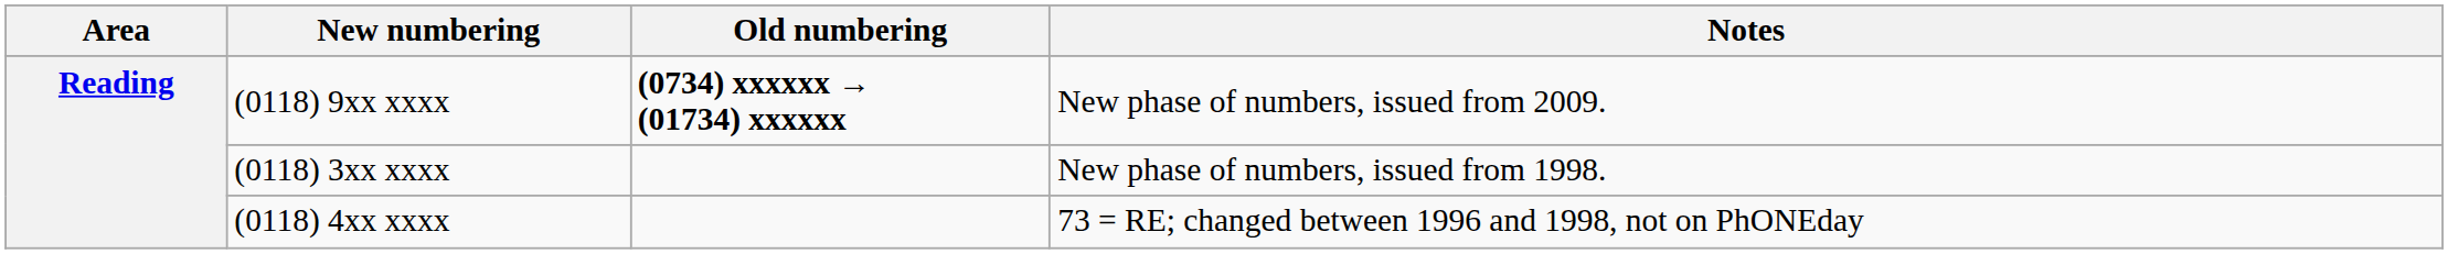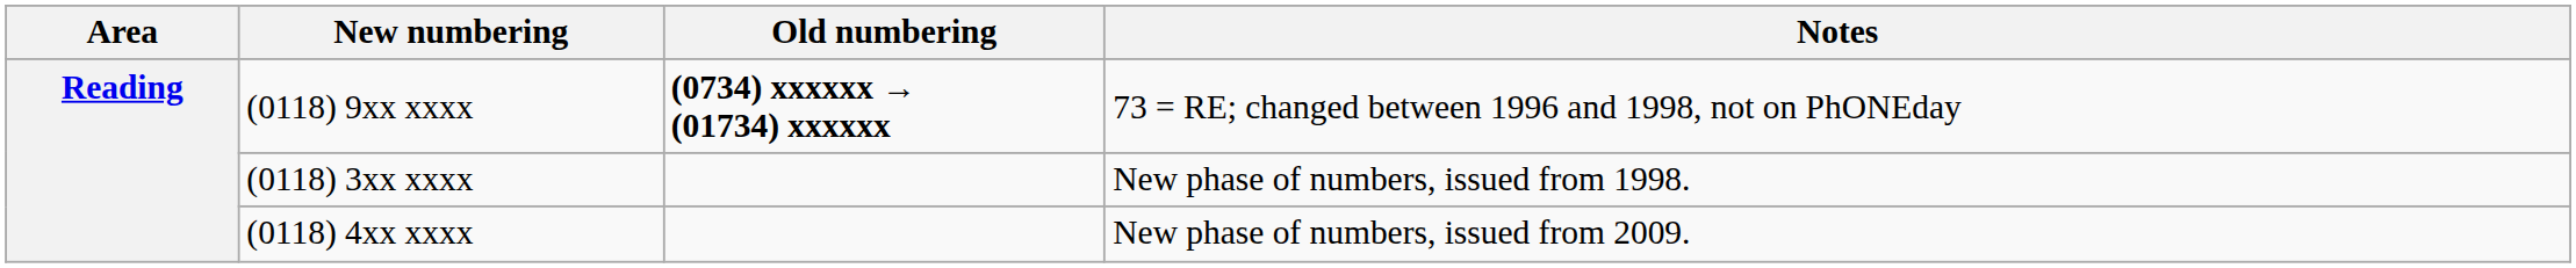 <table class="wikitable" style="width: 95%; margin-left: 1.5em;">
 <tr>
 <th scope="col">Area</th>
 <th scope="col">New numbering</th>
 <th scope="col">Old numbering</th>
 <th scope="col">Notes</th>
 </tr>
 <tr>
 <th rowspan="3" scope="row" style="vertical-align: top;"><a href='#'>Reading</a></th>
 <td>(0118) 9xx xxxx</td>
 <td><strong>(0734) xxxxxx →<br>(01734) xxxxxx</strong></td>
-<td>New phase of numbers, issued from 2009.</td>
+<td>73 = RE; changed between 1996 and 1998, not on PhONEday</td>
 </tr>
 <tr>
 <td>(0118) 3xx xxxx</td>
 <td> </td>
 <td>New phase of numbers, issued from 1998.</td>
 </tr>
 <tr>
 <td>(0118) 4xx xxxx</td>
 <td> </td>
-<td>73 = RE; changed between 1996 and 1998, not on PhONEday</td>
+<td>New phase of numbers, issued from 2009.</td>
 </tr>
 </table>
